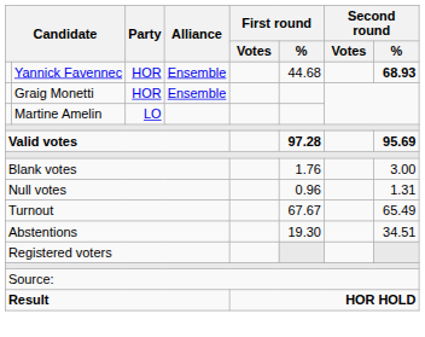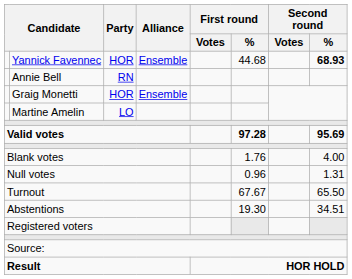 <table class="wikitable" style="text-align:right;font-size:95%;">
 <tr>
 <th colspan="2" rowspan="2">Candidate</th>
 <th colspan="1" rowspan="2">Party</th>
 <th colspan="1" rowspan="2">Alliance</th>
 <th colspan="2">First round</th>
 <th colspan="2">Second round</th>
 </tr>
 <tr>
 <th style="width:50px;">Votes</th>
 <th style="width:45px;">%</th>
 <th style="width:50px;">Votes</th>
 <th style="width:45px;">%</th>
 </tr>
 <tr>
 <td style="color:inherit;background:"></td>
 <td style="text-align:left;"><a href='#'>Yannick Favennec</a></td>
 <td><a href='#'>HOR</a></td>
 <td><a href='#'>Ensemble</a></td>
 <td></td>
 <td>44.68</td>
 <td><strong></strong></td>
 <td><strong>68.93</strong></td>
+</tr>
+<tr>
+<td style="color:inherit;background:"></td>
+<td style="text-align:left;">Annie Bell</td>
+<td><a href='#'>RN</a></td>
+<td></td>
+<td></td>
+<td></td>
+<td></td>
+<td></td>
 </tr>
 <tr>
 <td style="color:inherit;background:"></td>
 <td style="text-align:left;">Graig Monetti</td>
 <td><a href='#'>HOR</a></td>
 <td><a href='#'>Ensemble</a></td>
 <td></td>
 <td></td>
 </tr>
 <tr>
 <td style="color:inherit;background:"></td>
 <td style="text-align:left;">Martine Amelin</td>
 <td><a href='#'>LO</a></td>
 <td></td>
 <td></td>
 <td></td>
 </tr>
 <tr>
 <td colspan="8" style="background:#E9E9E9;"></td>
 </tr>
 <tr style="font-weight:bold;">
 <td colspan="4" style="text-align:left;">Valid votes</td>
 <td></td>
 <td>97.28</td>
 <td></td>
 <td>95.69</td>
 </tr>
 <tr>
 <td colspan="8" style="background:#E9E9E9;"></td>
 </tr>
 <tr>
 <td colspan="4" style="text-align:left;">Blank votes</td>
 <td></td>
 <td>1.76</td>
 <td></td>
-<td>3.00</td>
+<td>4.00</td>
 </tr>
 <tr>
 <td colspan="4" style="text-align:left;">Null votes</td>
 <td></td>
 <td>0.96</td>
 <td></td>
 <td>1.31</td>
 </tr>
 <tr>
 <td colspan="4" style="text-align:left;">Turnout</td>
 <td></td>
 <td>67.67</td>
 <td></td>
-<td>65.49</td>
+<td>65.50</td>
 </tr>
 <tr>
 <td colspan="4" style="text-align:left;">Abstentions</td>
 <td></td>
 <td>19.30</td>
 <td></td>
 <td>34.51</td>
 </tr>
 <tr>
 <td colspan="4" style="text-align:left;">Registered voters</td>
 <td></td>
 <td style="background:#E9E9E9;"></td>
 <td></td>
 <td style="background:#E9E9E9;"></td>
 </tr>
 <tr>
 <td colspan="8" style="background:#E9E9E9;"></td>
 </tr>
 <tr>
 <td colspan="8" style="text-align:left;">Source: </td>
 </tr>
 <tr style="font-weight:bold">
 <td colspan="4" style="text-align:left;">Result</td>
 <td colspan="4" style="background-color:">HOR HOLD</td>
 </tr>
 </table>
